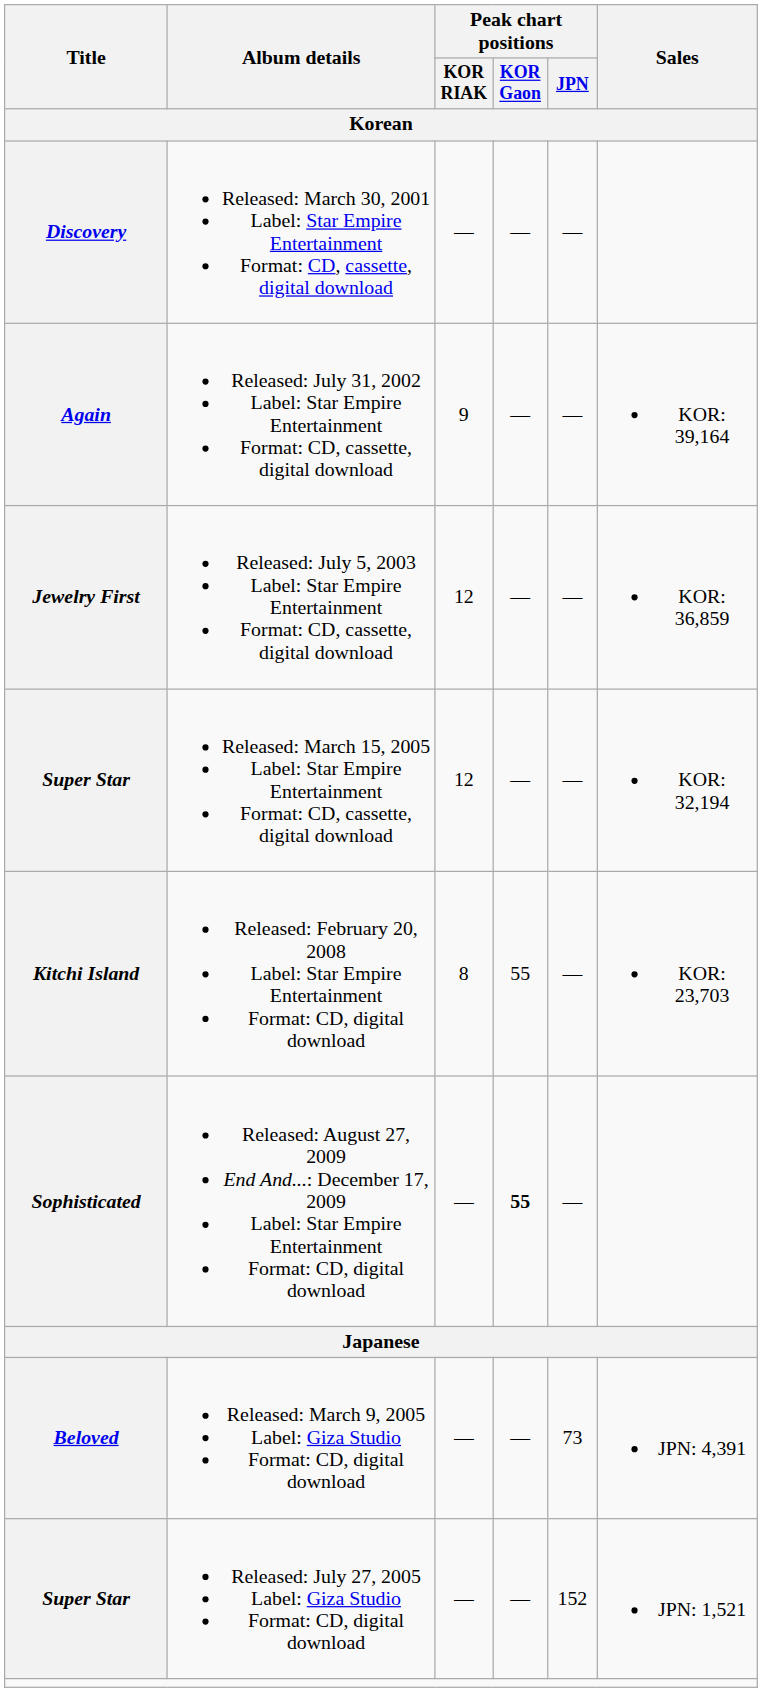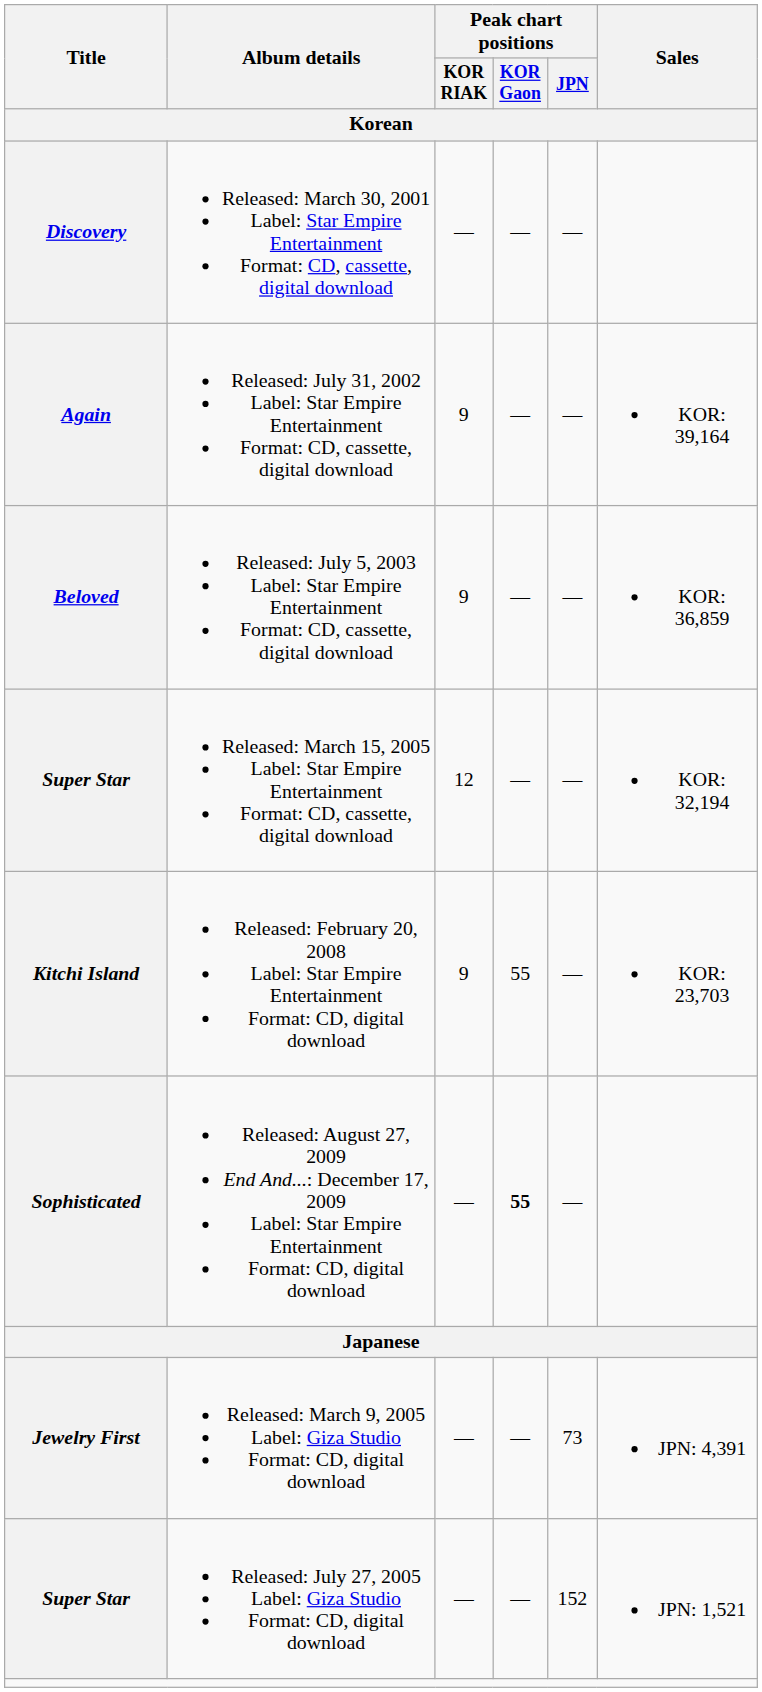 <table class="wikitable plainrowheaders" style="text-align:center;">
 <tr>
 <th scope="col" rowspan="2" style="width:11em;">Title</th>
 <th scope="col" rowspan="2" style="width:20em;">Album details</th>
 <th colspan="3">Peak chart positions</th>
 <th scope="col" rowspan="2" style="width:11em;">Sales</th>
 </tr>
 <tr>
 <th scope="col" style="width:3em;font-size:90%;">KOR<br>RIAK<br></th>
 <th scope="col" style="width:3em;font-size:90%;"><a href='#'>KOR<br>Gaon</a><br></th>
 <th scope="col" style="width:3em;font-size:90%;"><a href='#'>JPN</a><br></th>
 </tr>
 <tr>
 <th colspan="6" scope="col">Korean</th>
 </tr>
 <tr>
 <th scope="row"><em><a href='#'>Discovery</a></em></th>
 <td><br><ul><li>Released: March 30, 2001</li><li>Label: <a href='#'>Star Empire Entertainment</a></li><li>Format: <a href='#'>CD</a>, <a href='#'>cassette</a>, <a href='#'>digital download</a></li></ul></td>
 <td>—</td>
 <td>—</td>
 <td>—</td>
 <td></td>
 </tr>
 <tr>
 <th scope="row"><em><a href='#'>Again</a></em></th>
 <td><br><ul><li>Released: July 31, 2002</li><li>Label: Star Empire Entertainment</li><li>Format: CD, cassette, digital download</li></ul></td>
 <td>9</td>
 <td>—</td>
 <td>—</td>
 <td><br><ul><li>KOR: 39,164</li></ul></td>
 </tr>
 <tr>
-<th scope="row"><em>Jewelry First</em></th>
+<th scope="row"><em><a href='#'>Beloved</a></em></th>
 <td><br><ul><li>Released: July 5, 2003</li><li>Label: Star Empire Entertainment</li><li>Format: CD, cassette, digital download</li></ul></td>
-<td>12</td>
+<td>9</td>
 <td>—</td>
 <td>—</td>
 <td><br><ul><li>KOR: 36,859</li></ul></td>
 </tr>
 <tr>
 <th scope="row"><em>Super Star</em></th>
 <td><br><ul><li>Released: March 15, 2005</li><li>Label: Star Empire Entertainment</li><li>Format: CD, cassette, digital download</li></ul></td>
 <td>12</td>
 <td>—</td>
 <td>—</td>
 <td><br><ul><li>KOR: 32,194</li></ul></td>
 </tr>
 <tr>
 <th scope="row"><em>Kitchi Island</em></th>
 <td><br><ul><li>Released: February 20, 2008</li><li>Label: Star Empire Entertainment</li><li>Format: CD, digital download</li></ul></td>
-<td>8</td>
+<td>9</td>
 <td>55</td>
 <td>—</td>
 <td><br><ul><li>KOR: 23,703</li></ul></td>
 </tr>
 <tr>
 <th scope="row"><em>Sophisticated</em></th>
 <td><br><ul><li>Released: August 27, 2009</li><li><em>End And...</em>: December 17, 2009</li><li>Label: Star Empire Entertainment</li><li>Format: CD, digital download</li></ul></td>
 <td>—</td>
 <td><strong>55</strong></td>
 <td>—</td>
 <td></td>
 </tr>
 <tr>
 <th colspan="6" scope="col">Japanese</th>
 </tr>
 <tr>
-<th scope="row"><em><a href='#'>Beloved</a></em></th>
+<th scope="row"><em>Jewelry First</em></th>
 <td><br><ul><li>Released: March 9, 2005</li><li>Label: <a href='#'>Giza Studio</a></li><li>Format: CD, digital download</li></ul></td>
 <td>—</td>
 <td>—</td>
 <td>73</td>
 <td><br><ul><li>JPN: 4,391</li></ul></td>
 </tr>
 <tr>
 <th scope="row"><em>Super Star</em></th>
 <td><br><ul><li>Released: July 27, 2005</li><li>Label:  <a href='#'>Giza Studio</a></li><li>Format: CD, digital download</li></ul></td>
 <td>—</td>
 <td>—</td>
 <td>152</td>
 <td><br><ul><li>JPN: 1,521</li></ul></td>
 </tr>
 <tr>
 <td colspan="6"></td>
 </tr>
 </table>
